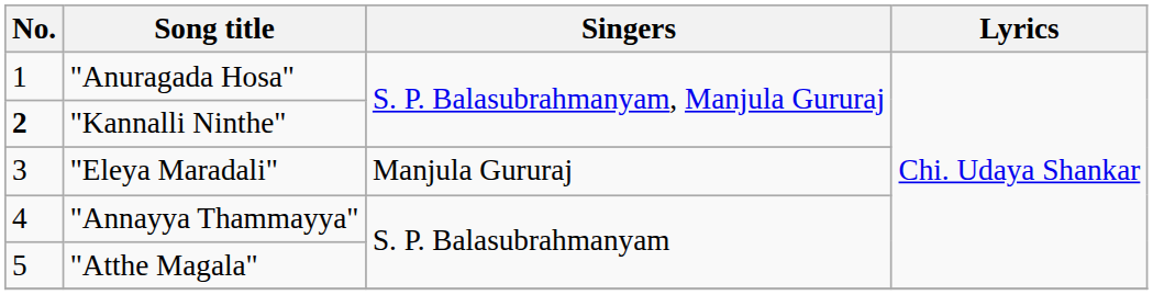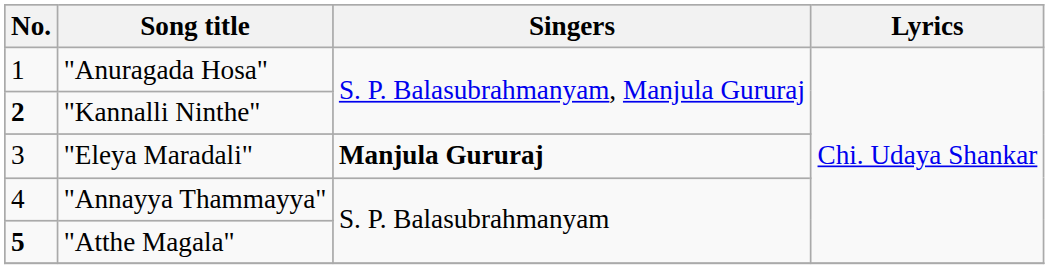 <table class="wikitable">
 <tr>
 <th>No.</th>
 <th>Song title</th>
 <th>Singers</th>
 <th>Lyrics</th>
 </tr>
 <tr>
 <td>1</td>
 <td>"Anuragada Hosa"</td>
 <td rowspan=2><a href='#'>S. P. Balasubrahmanyam</a>, <a href='#'>Manjula Gururaj</a></td>
 <td rowspan=5><a href='#'>Chi. Udaya Shankar</a></td>
 </tr>
 <tr>
 <td><strong>2</strong></td>
 <td>"Kannalli Ninthe"</td>
 </tr>
 <tr>
 <td>3</td>
 <td>"Eleya Maradali"</td>
-<td>Manjula Gururaj</td>
+<td><strong>Manjula Gururaj</strong></td>
 </tr>
 <tr>
 <td>4</td>
 <td>"Annayya Thammayya"</td>
 <td rowspan=2>S. P. Balasubrahmanyam</td>
 </tr>
 <tr>
-<td>5</td>
+<td><strong>5</strong></td>
 <td>"Atthe Magala"</td>
 </tr>
 <tr>
 </tr>
 </table>
